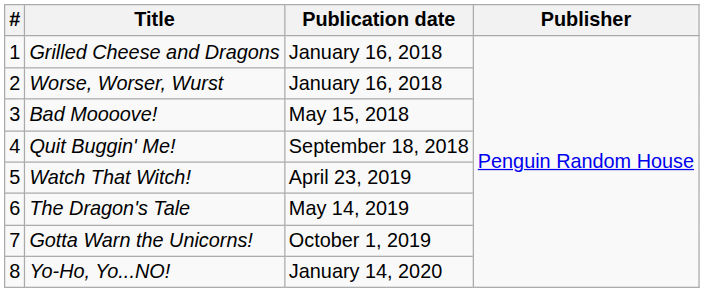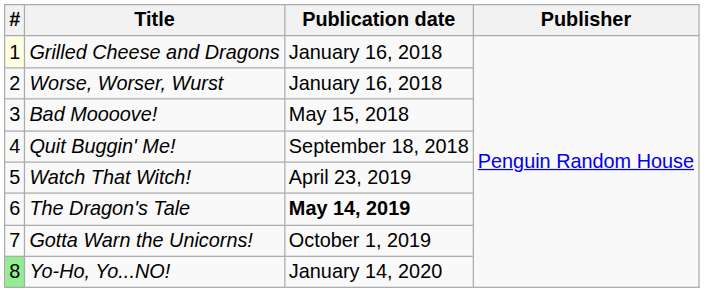 <table class="wikitable sortable">
 <tr>
 <th>#</th>
 <th>Title</th>
 <th>Publication date</th>
 <th>Publisher</th>
 </tr>
 <tr>
-<td>1</td>
+<td style="background: lightyellow;">1</td>
 <td><em>Grilled Cheese and Dragons</em></td>
 <td>January 16, 2018</td>
 <td rowspan="8"><a href='#'>Penguin Random House</a></td>
 </tr>
 <tr>
 <td>2</td>
 <td><em>Worse, Worser, Wurst</em></td>
 <td>January 16, 2018</td>
 </tr>
 <tr>
 <td>3</td>
 <td><em>Bad Moooove!</em></td>
 <td>May 15, 2018</td>
 </tr>
 <tr>
 <td>4</td>
 <td><em>Quit Buggin' Me!</em></td>
 <td>September 18, 2018</td>
 </tr>
 <tr>
 <td>5</td>
 <td><em>Watch That Witch!</em></td>
 <td>April 23, 2019</td>
 </tr>
 <tr>
 <td>6</td>
 <td><em>The Dragon's Tale</em></td>
-<td>May 14, 2019</td>
+<td><strong>May 14, 2019</strong></td>
 </tr>
 <tr>
 <td>7</td>
 <td><em>Gotta Warn the Unicorns!</em></td>
 <td>October 1, 2019</td>
 </tr>
 <tr>
-<td>8</td>
+<td style="background: lightgreen;">8</td>
 <td><em>Yo-Ho, Yo...NO!</em></td>
 <td>January 14, 2020</td>
 </tr>
 </table>
